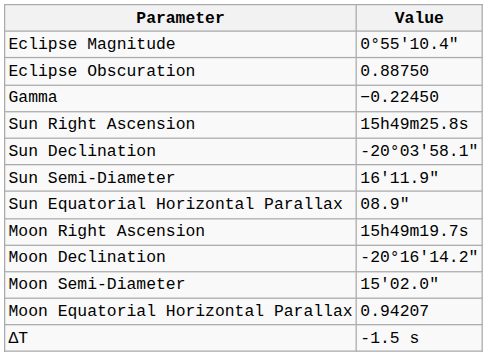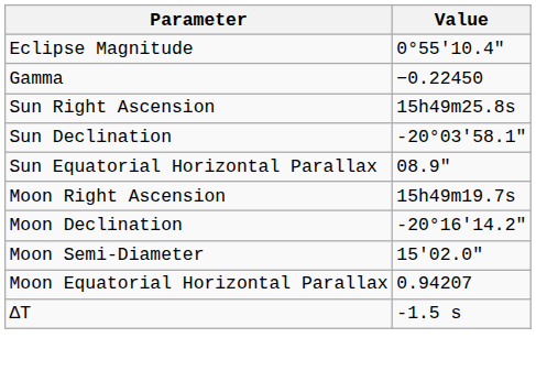 <table class="wikitable">
 <tr>
 <th>Parameter</th>
 <th>Value</th>
 </tr>
 <tr>
 <td>Eclipse Magnitude</td>
 <td>0°55'10.4"</td>
-</tr>
-<tr>
-<td>Eclipse Obscuration</td>
-<td>0.88750</td>
 </tr>
 <tr>
 <td>Gamma</td>
 <td>−0.22450</td>
 </tr>
 <tr>
 <td>Sun Right Ascension</td>
 <td>15h49m25.8s</td>
 </tr>
 <tr>
 <td>Sun Declination</td>
 <td>-20°03'58.1"</td>
-</tr>
-<tr>
-<td>Sun Semi-Diameter</td>
-<td>16'11.9"</td>
 </tr>
 <tr>
 <td>Sun Equatorial Horizontal Parallax</td>
 <td>08.9"</td>
 </tr>
 <tr>
 <td>Moon Right Ascension</td>
 <td>15h49m19.7s</td>
 </tr>
 <tr>
 <td>Moon Declination</td>
 <td>-20°16'14.2"</td>
 </tr>
 <tr>
 <td>Moon Semi-Diameter</td>
 <td>15'02.0"</td>
 </tr>
 <tr>
 <td>Moon Equatorial Horizontal Parallax</td>
 <td>0.94207</td>
 </tr>
 <tr>
 <td>ΔT</td>
 <td>-1.5 s</td>
 </tr>
 </table>
